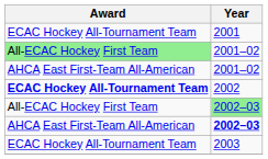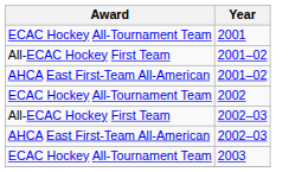 <table class="wikitable">
 <tr>
 <th>Award</th>
 <th>Year</th>
 </tr>
 <tr>
 <td><a href='#'>ECAC Hockey</a> <a href='#'>All-Tournament Team</a></td>
 <td><a href='#'>2001</a></td>
 </tr>
 <tr>
-<td style="background: lightgreen;">All-<a href='#'>ECAC Hockey</a> <a href='#'>First Team</a></td>
+<td>All-<a href='#'>ECAC Hockey</a> <a href='#'>First Team</a></td>
 <td><a href='#'>2001–02</a></td>
 </tr>
 <tr>
 <td><a href='#'>AHCA</a> <a href='#'>East First-Team All-American</a></td>
 <td><a href='#'>2001–02</a></td>
 </tr>
 <tr>
-<td><strong><a href='#'>ECAC Hockey</a> <a href='#'>All-Tournament Team</a></strong></td>
+<td><a href='#'>ECAC Hockey</a> <a href='#'>All-Tournament Team</a></td>
 <td><a href='#'>2002</a></td>
 </tr>
 <tr>
 <td>All-<a href='#'>ECAC Hockey</a> <a href='#'>First Team</a></td>
-<td style="background: lightgreen;"><a href='#'>2002–03</a></td>
+<td><a href='#'>2002–03</a></td>
 </tr>
 <tr>
 <td><a href='#'>AHCA</a> <a href='#'>East First-Team All-American</a></td>
-<td><strong><a href='#'>2002–03</a></strong></td>
+<td><a href='#'>2002–03</a></td>
 </tr>
 <tr>
 <td><a href='#'>ECAC Hockey</a> <a href='#'>All-Tournament Team</a></td>
 <td><a href='#'>2003</a></td>
 </tr>
 <tr>
 </tr>
 </table>
